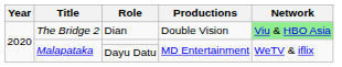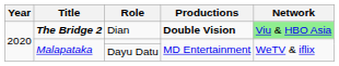 <table class="wikitable sortable">
 <tr>
 <th>Year</th>
 <th>Title</th>
 <th>Role</th>
 <th>Productions</th>
 <th>Network</th>
 </tr>
 <tr>
 <td rowspan=3>2020</td>
-<td><em>The Bridge 2</em></td>
+<td><strong><em>The Bridge 2</em></strong></td>
 <td>Dian</td>
-<td>Double Vision</td>
+<td><strong>Double Vision</strong></td>
 <td style="background: lightgreen;"><a href='#'>Viu</a> & <a href='#'>HBO Asia</a></td>
 </tr>
 <tr>
 <td rowspan="2"><em><a href='#'>Malapataka</a></em></td>
 <td></td>
 <td rowspan="2"><a href='#'>MD Entertainment</a></td>
 <td rowspan="2"><a href='#'>WeTV</a> & <a href='#'>iflix</a></td>
 </tr>
 <tr>
 <td>Dayu Datu </td>
 </tr>
 </table>
